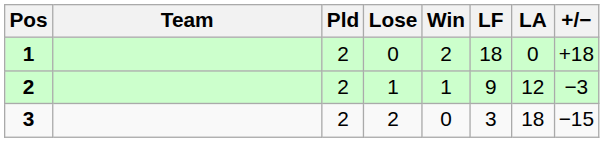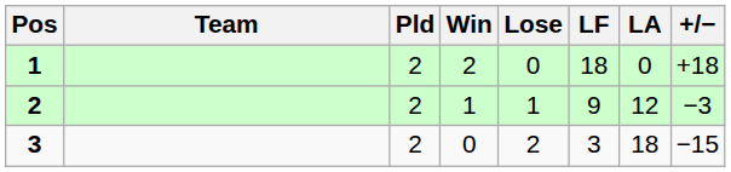 <table class="wikitable" style="font-size: 100%">
 <tr>
 <th width=20>Pos</th>
 <th width=200>Team</th>
 <th width=25>Pld</th>
+<th width=25>Win</th>
 <th width=25>Lose</th>
-<th width=25>Win</th>
 <th width=25>LF</th>
 <th width=25>LA</th>
 <th width=25>+/−</th>
 </tr>
 <tr align=center style="background: #ccffcc;">
 <td><strong>1</strong></td>
 <td align="left"></td>
 <td>2</td>
+<td>2</td>
 <td>0</td>
-<td>2</td>
 <td>18</td>
 <td>0</td>
 <td>+18</td>
 </tr>
 <tr align=center style="background: #ccffcc;">
 <td><strong>2</strong></td>
 <td align="left"></td>
 <td>2</td>
 <td>1</td>
 <td>1</td>
 <td>9</td>
 <td>12</td>
 <td>−3</td>
 </tr>
 <tr align=center>
 <td><strong>3</strong></td>
 <td align="left"></td>
 <td>2</td>
+<td>0</td>
 <td>2</td>
-<td>0</td>
 <td>3</td>
 <td>18</td>
 <td>−15</td>
 </tr>
 </table>
